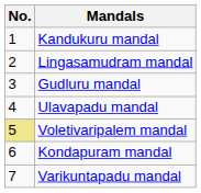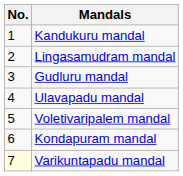 <table class="wikitable">
 <tr>
 <th>No.</th>
 <th>Mandals</th>
 </tr>
 <tr>
 <td>1</td>
 <td><a href='#'>Kandukuru mandal</a></td>
 </tr>
 <tr>
 <td>2</td>
 <td><a href='#'>Lingasamudram mandal</a></td>
 </tr>
 <tr>
 <td>3</td>
 <td><a href='#'>Gudluru mandal</a></td>
 </tr>
 <tr>
 <td>4</td>
 <td><a href='#'>Ulavapadu mandal</a></td>
 </tr>
 <tr>
-<td style="background: khaki;">5</td>
+<td>5</td>
 <td><a href='#'>Voletivaripalem mandal</a></td>
 </tr>
 <tr>
 <td>6</td>
 <td><a href='#'>Kondapuram mandal</a></td>
 </tr>
 <tr>
-<td>7</td>
+<td style="background: lightyellow;">7</td>
 <td><a href='#'>Varikuntapadu mandal</a></td>
 </tr>
 </table>
